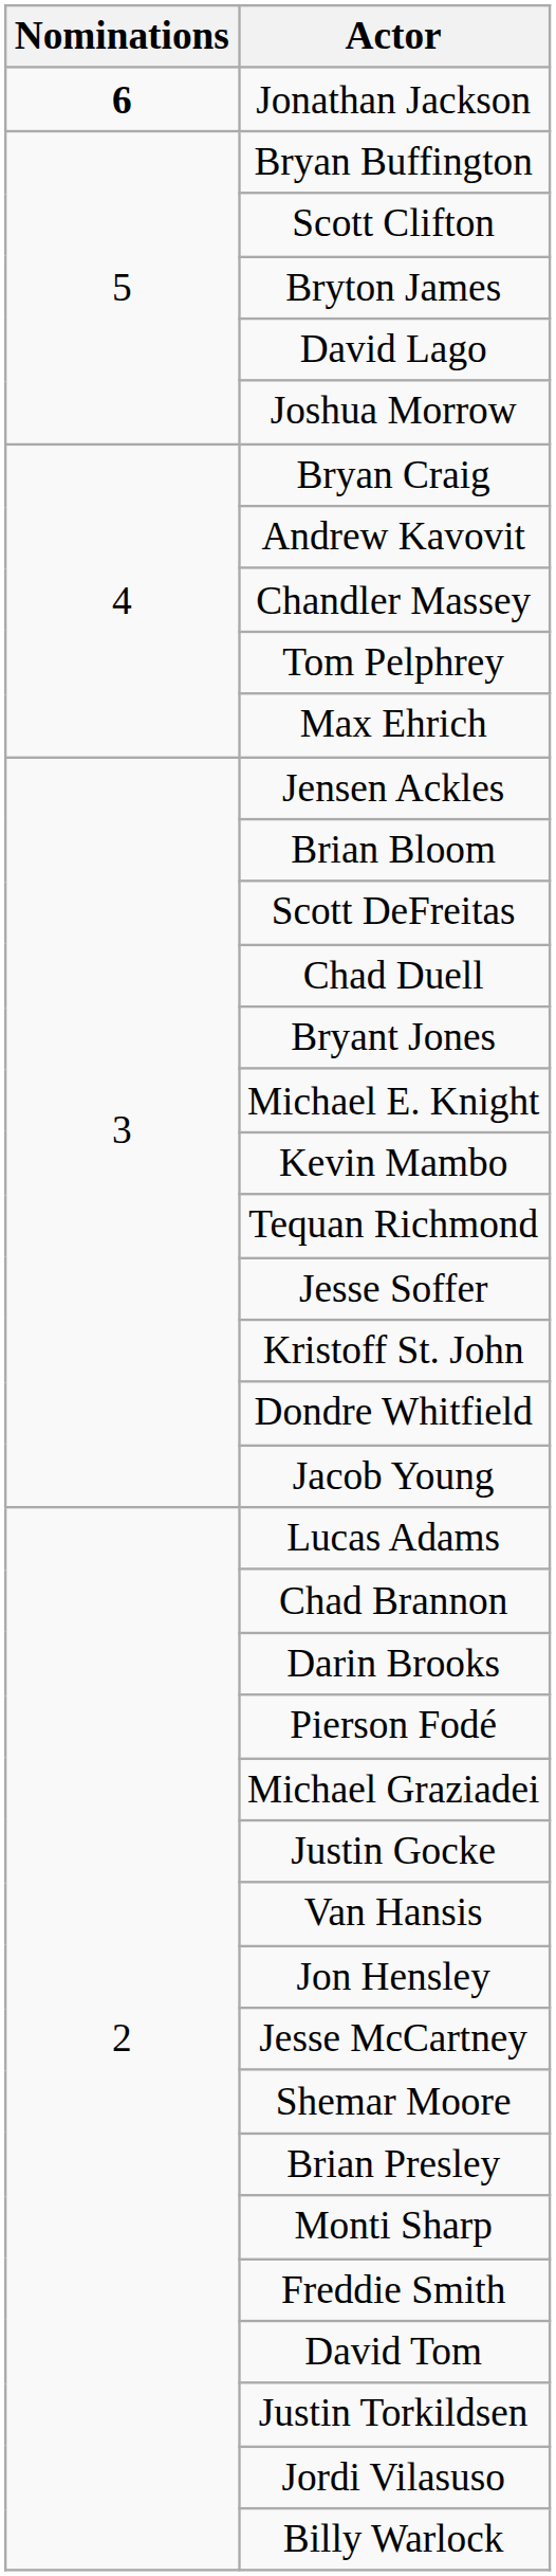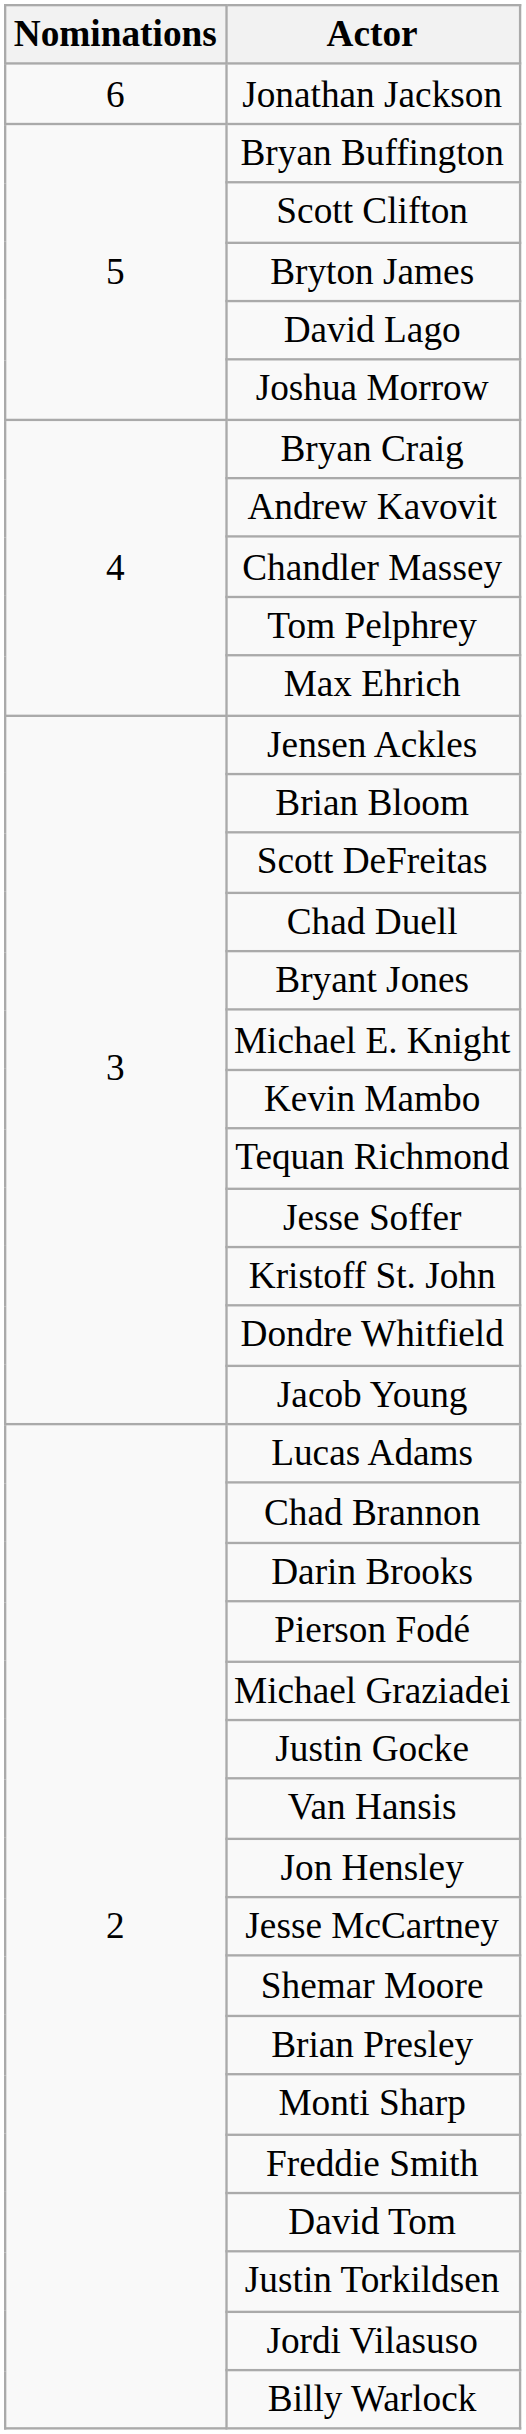 <table class="wikitable" style="text-align: center;">
 <tr>
 <th scope="col" width="55">Nominations</th>
 <th scope="col">Actor</th>
 </tr>
 <tr>
-<td scope="row" rowspan="1"><strong>6</strong></td>
+<td scope="row" rowspan="1">6</td>
 <td>Jonathan Jackson</td>
 </tr>
 <tr>
 <td scope="row" rowspan="5">5</td>
 <td>Bryan Buffington</td>
 </tr>
 <tr>
 <td>Scott Clifton</td>
 </tr>
 <tr>
 <td>Bryton James</td>
 </tr>
 <tr>
 <td>David Lago</td>
 </tr>
 <tr>
 <td>Joshua Morrow</td>
 </tr>
 <tr>
 <td scope="row" rowspan="5">4</td>
 <td>Bryan Craig</td>
 </tr>
 <tr>
 <td>Andrew Kavovit</td>
 </tr>
 <tr>
 <td>Chandler Massey</td>
 </tr>
 <tr>
 <td>Tom Pelphrey</td>
 </tr>
 <tr>
 <td>Max Ehrich</td>
 </tr>
 <tr>
 <td scope="row" rowspan="12">3</td>
 <td>Jensen Ackles</td>
 </tr>
 <tr>
 <td>Brian Bloom</td>
 </tr>
 <tr>
 <td>Scott DeFreitas</td>
 </tr>
 <tr>
 <td>Chad Duell</td>
 </tr>
 <tr>
 <td>Bryant Jones</td>
 </tr>
 <tr>
 <td>Michael E. Knight</td>
 </tr>
 <tr>
 <td>Kevin Mambo</td>
 </tr>
 <tr>
 <td>Tequan Richmond</td>
 </tr>
 <tr>
 <td>Jesse Soffer</td>
 </tr>
 <tr>
 <td>Kristoff St. John</td>
 </tr>
 <tr>
 <td>Dondre Whitfield</td>
 </tr>
 <tr>
 <td>Jacob Young</td>
 </tr>
 <tr>
 <td scope="row" rowspan="17">2</td>
 <td>Lucas Adams</td>
 </tr>
 <tr>
 <td>Chad Brannon</td>
 </tr>
 <tr>
 <td>Darin Brooks</td>
 </tr>
 <tr>
 <td>Pierson Fodé</td>
 </tr>
 <tr>
 <td>Michael Graziadei</td>
 </tr>
 <tr>
 <td>Justin Gocke</td>
 </tr>
 <tr>
 <td>Van Hansis</td>
 </tr>
 <tr>
 <td>Jon Hensley</td>
 </tr>
 <tr>
 <td>Jesse McCartney</td>
 </tr>
 <tr>
 <td>Shemar Moore</td>
 </tr>
 <tr>
 <td>Brian Presley</td>
 </tr>
 <tr>
 <td>Monti Sharp</td>
 </tr>
 <tr>
 <td>Freddie Smith</td>
 </tr>
 <tr>
 <td>David Tom</td>
 </tr>
 <tr>
 <td>Justin Torkildsen</td>
 </tr>
 <tr>
 <td>Jordi Vilasuso</td>
 </tr>
 <tr>
 <td>Billy Warlock</td>
 </tr>
 </table>
